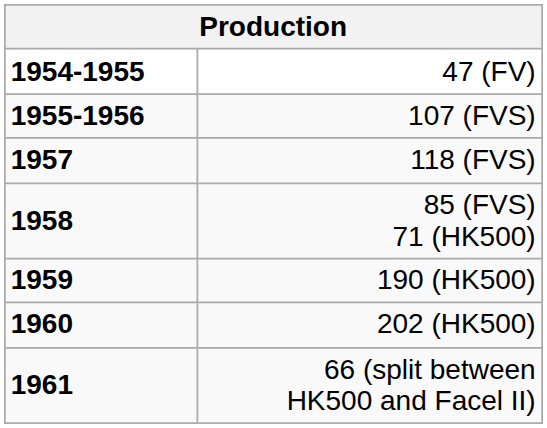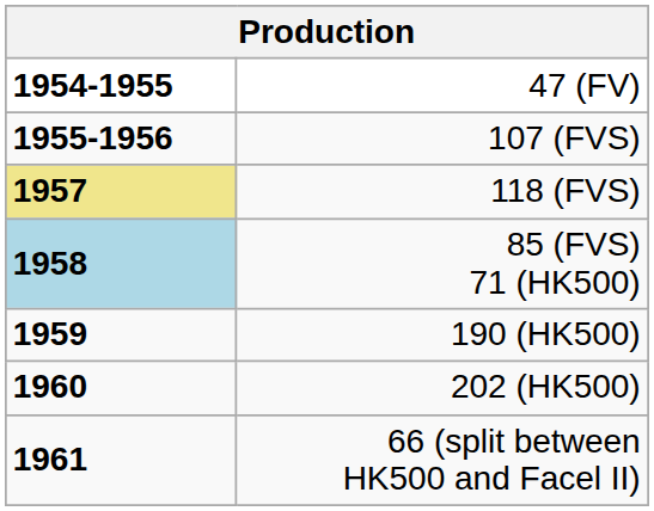 <table class="wikitable" style="text-align:center; font-size:100%; float:right;">
 <tr>
 <th colspan=2 width="300">Production</th>
 </tr>
 <tr style="background:#ffffff;">
 <td align="left"><strong>1954-1955</strong></td>
 <td align="right">47 (FV)</td>
 </tr>
 <tr>
 <td align="left"><strong>1955-1956</strong></td>
 <td align="right">107 (FVS)</td>
 </tr>
 <tr>
-<td align="left"><strong>1957</strong></td>
+<td align="left" style="background: khaki;"><strong>1957</strong></td>
 <td align="right">118 (FVS)</td>
 </tr>
 <tr>
-<td align="left"><strong>1958</strong></td>
+<td align="left" style="background: lightblue;"><strong>1958</strong></td>
 <td align="right">85 (FVS)<br>71 (HK500)</td>
 </tr>
 <tr>
 <td align="left"><strong>1959</strong></td>
 <td align="right">190 (HK500)</td>
 </tr>
 <tr>
 <td align="left"><strong>1960</strong></td>
 <td align="right">202 (HK500)</td>
 </tr>
 <tr>
 <td align="left"><strong>1961</strong></td>
 <td align="right">66 (split between <br>HK500 and Facel II)</td>
 </tr>
 </table>
